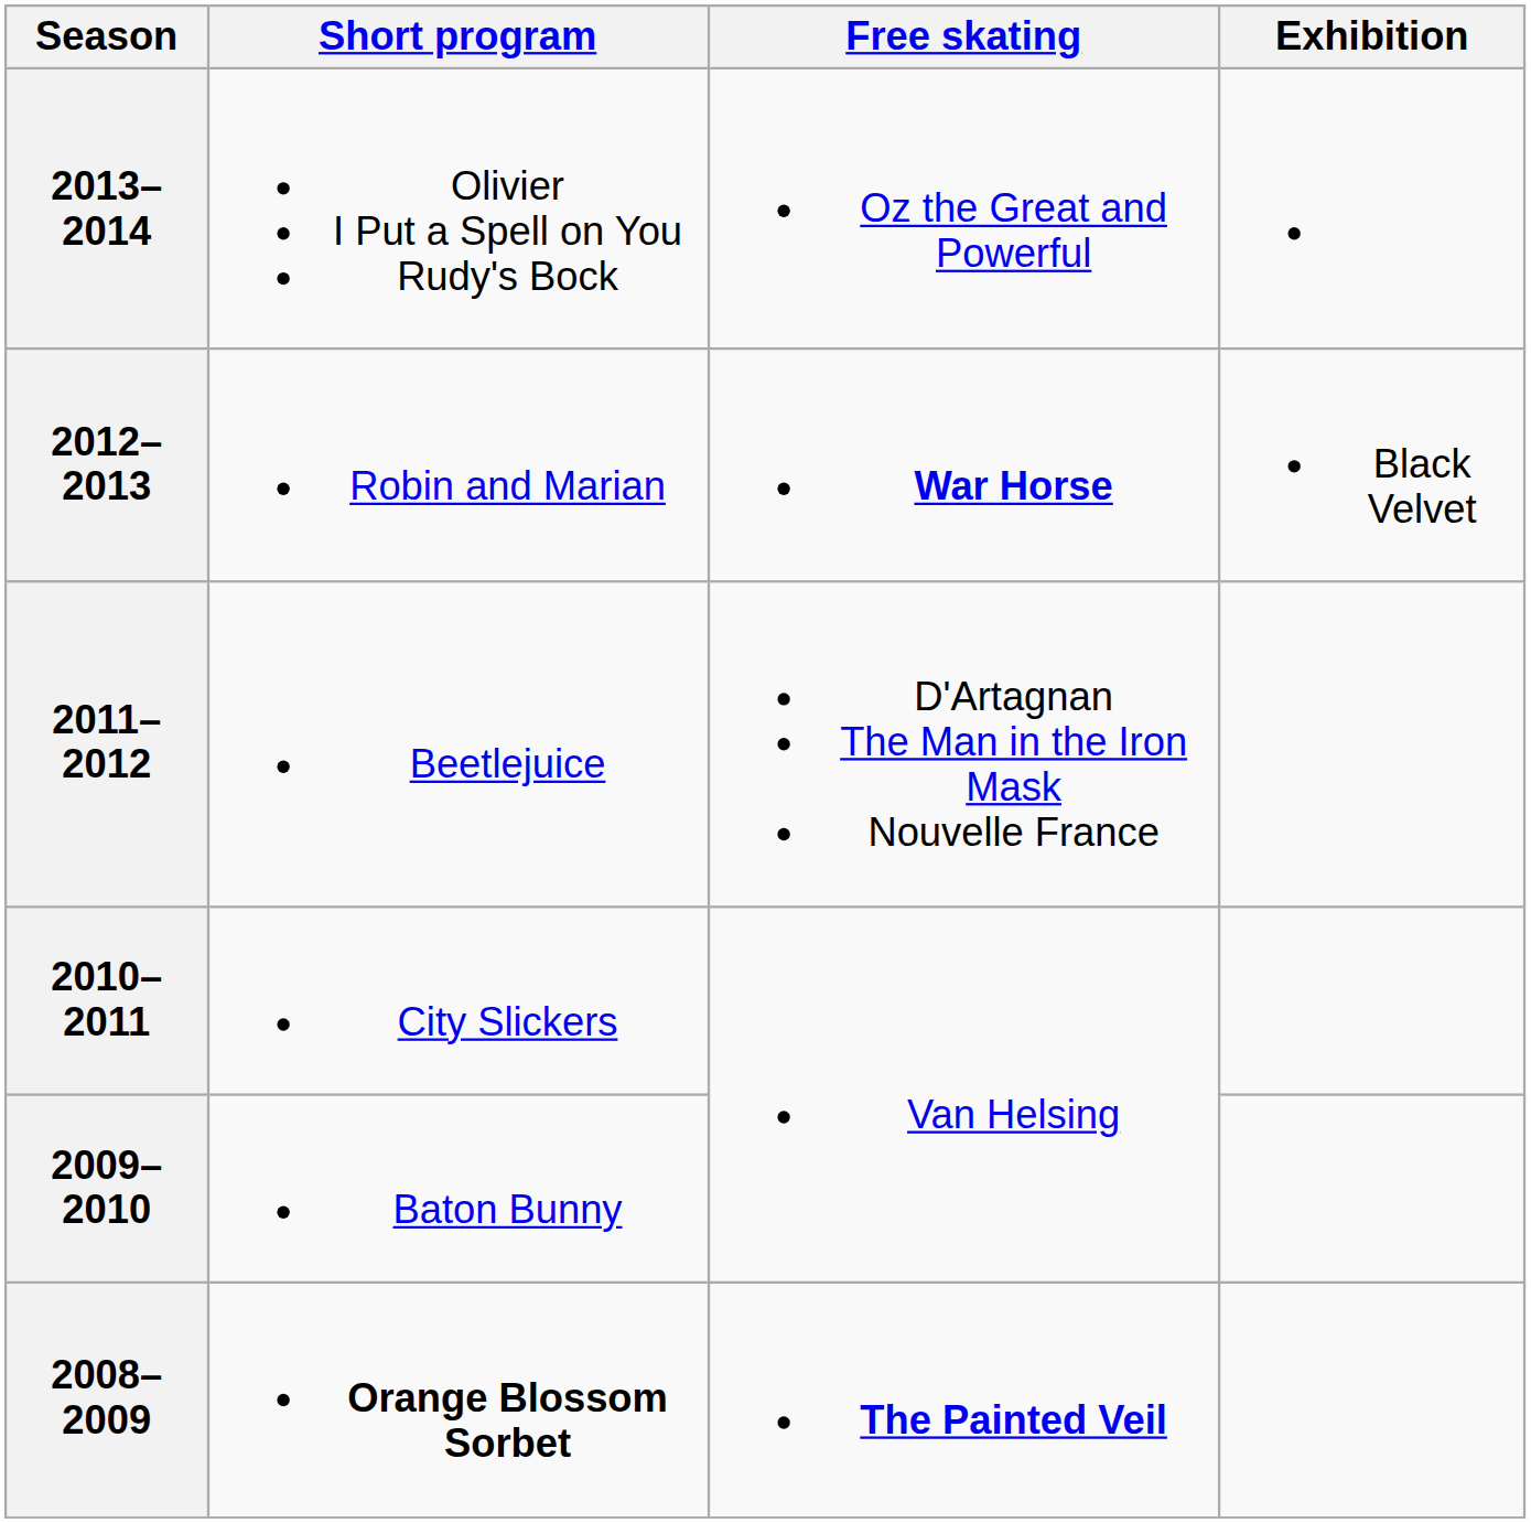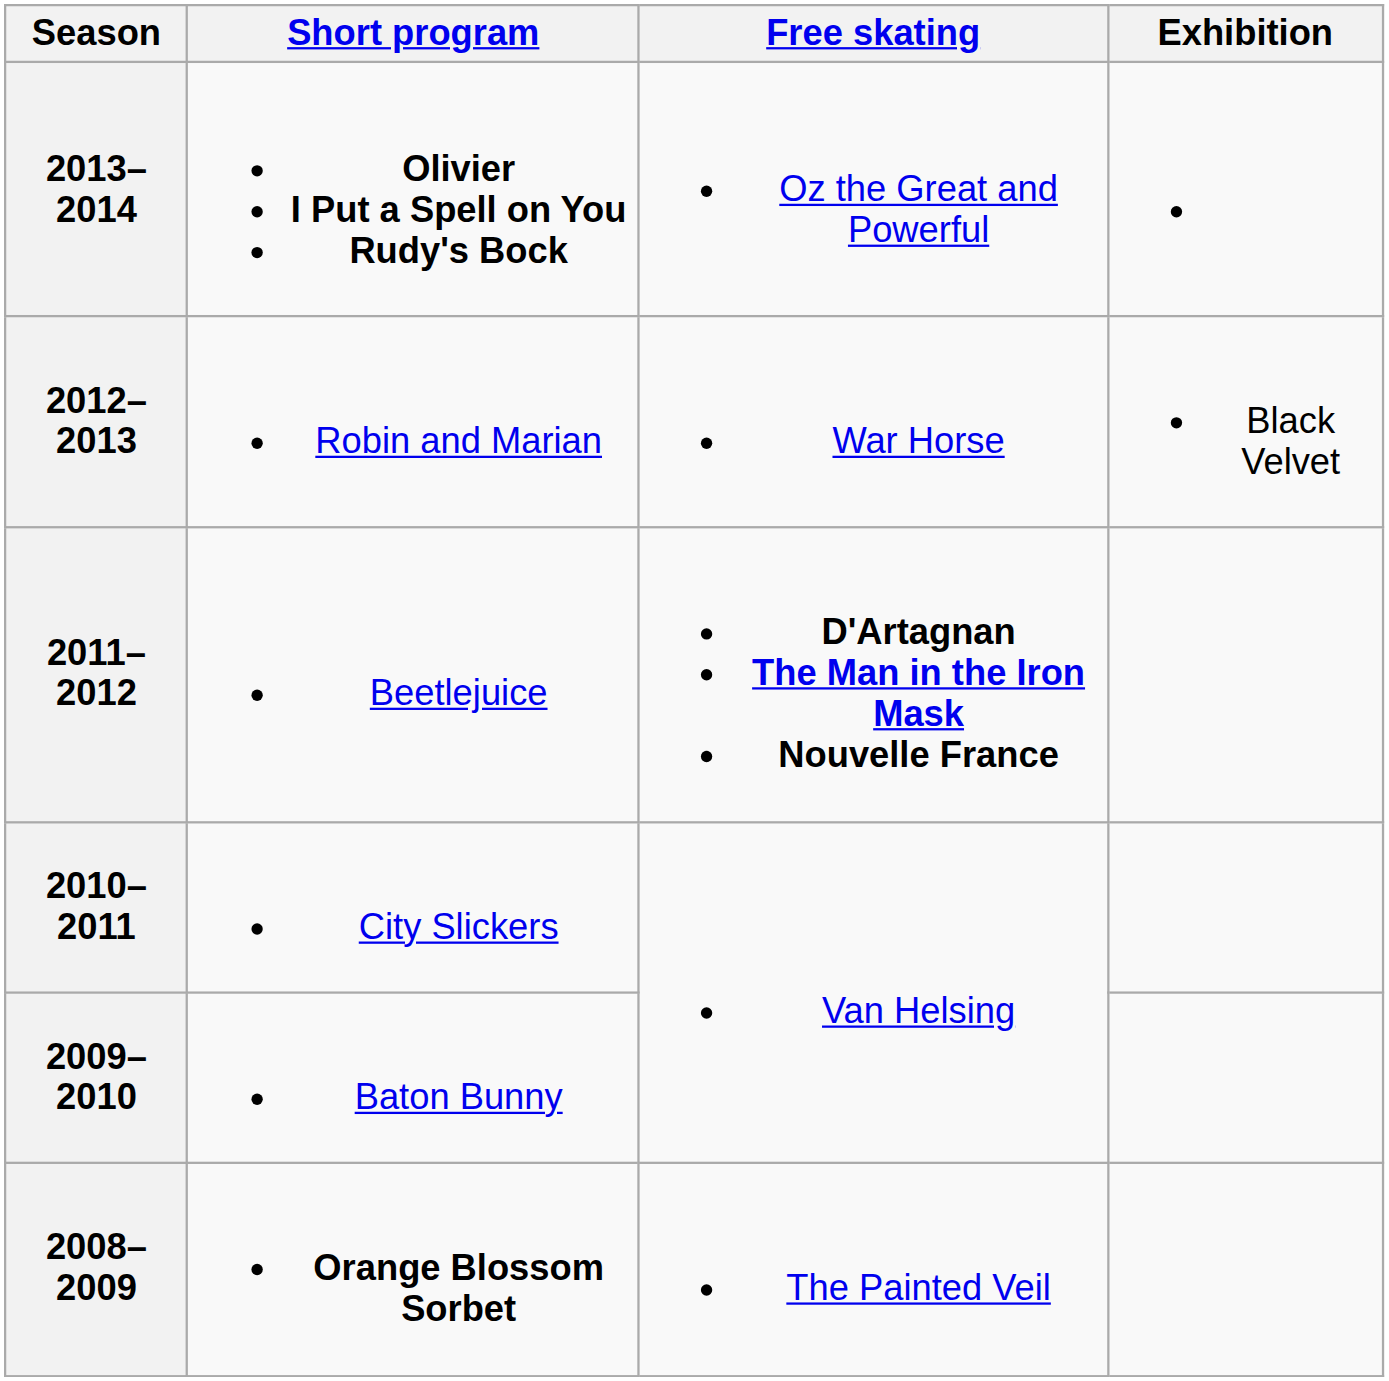 <table class="wikitable" style="text-align: center">
 <tr>
 <th>Season</th>
 <th><a href='#'>Short program</a></th>
 <th><a href='#'>Free skating</a></th>
 <th>Exhibition</th>
 </tr>
 <tr>
 <th>2013–2014 <br> </th>
-<td><br><ul><li>Olivier</li><li>I Put a Spell on You</li><li>Rudy's Bock</li></ul></td>
+<td><strong><br><ul><li>Olivier</li><li>I Put a Spell on You</li><li>Rudy's Bock</li></ul></strong></td>
 <td><br><ul><li><a href='#'>Oz the Great and Powerful</a> <br></li></ul></td>
 <td><br><ul><li></li></ul></td>
 </tr>
 <tr>
 <th>2012–2013 <br> </th>
 <td><br><ul><li><a href='#'>Robin and Marian</a> <br></li></ul></td>
-<td><strong><br><ul><li><a href='#'>War Horse</a> <br></li></ul></strong></td>
+<td><br><ul><li><a href='#'>War Horse</a> <br></li></ul></td>
 <td><br><ul><li>Black Velvet <br></li></ul></td>
 </tr>
 <tr>
 <th>2011–2012 <br> </th>
 <td><br><ul><li><a href='#'>Beetlejuice</a> <br></li></ul></td>
-<td><br><ul><li>D'Artagnan <br></li><li><a href='#'>The Man in the Iron Mask</a> <br></li><li>Nouvelle France <br></li></ul></td>
+<td><strong><br><ul><li>D'Artagnan <br></li><li><a href='#'>The Man in the Iron Mask</a> <br></li><li>Nouvelle France <br></li></ul></strong></td>
 <td></td>
 </tr>
 <tr>
 <th>2010–2011 <br> </th>
 <td><br><ul><li><a href='#'>City Slickers</a> <br></li></ul></td>
 <td rowspan=2><br><ul><li><a href='#'>Van Helsing</a> <br></li></ul></td>
 <td></td>
 </tr>
 <tr>
 <th>2009–2010 <br> </th>
 <td><br><ul><li><a href='#'>Baton Bunny</a> <br></li></ul></td>
 <td></td>
 </tr>
 <tr>
 <th>2008–2009 <br> </th>
 <td><strong><br><ul><li>Orange Blossom Sorbet <br></li></ul></strong></td>
-<td><strong><br><ul><li><a href='#'>The Painted Veil</a> <br></li></ul></strong></td>
+<td><br><ul><li><a href='#'>The Painted Veil</a> <br></li></ul></td>
 <td></td>
 </tr>
 </table>
